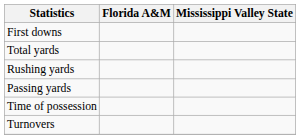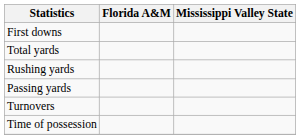 <table class="wikitable">
 <tr>
 <th>Statistics</th>
 <th>Florida A&M</th>
 <th>Mississippi Valley State</th>
 </tr>
 <tr>
 <td>First downs</td>
 <td> </td>
 <td> </td>
 </tr>
 <tr>
 <td>Total yards</td>
 <td> </td>
 <td> </td>
 </tr>
 <tr>
 <td>Rushing yards</td>
 <td> </td>
 <td> </td>
 </tr>
 <tr>
 <td>Passing yards</td>
 <td> </td>
 <td> </td>
 </tr>
 <tr>
-<td>Time of possession</td>
+<td>Turnovers</td>
 <td> </td>
 <td> </td>
 </tr>
 <tr>
-<td>Turnovers</td>
+<td>Time of possession</td>
 <td> </td>
 <td> </td>
 </tr>
 <tr>
 </tr>
 </table>
